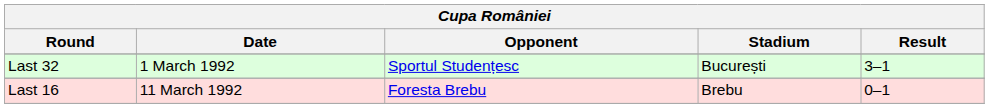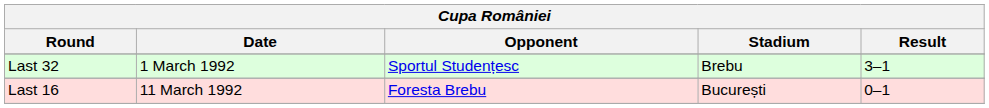 <table class="wikitable" style="width:80%;">
 <tr>
 <th colspan="5" style="text-align:center;"><em>Cupa României</em></th>
 </tr>
 <tr>
 <th>Round</th>
 <th>Date</th>
 <th>Opponent</th>
 <th>Stadium</th>
 <th>Result</th>
 </tr>
 <tr>
 </tr>
 <tr bgcolor="#ddffdd">
 <td>Last 32</td>
 <td>1 March 1992</td>
 <td><a href='#'>Sportul Studențesc</a></td>
-<td>București</td>
+<td>Brebu</td>
 <td>3–1</td>
 </tr>
 <tr>
 </tr>
 <tr bgcolor="#ffdddd">
 <td>Last 16</td>
 <td>11 March 1992</td>
 <td><a href='#'>Foresta Brebu</a></td>
-<td>Brebu</td>
+<td>București</td>
 <td>0–1</td>
 </tr>
 <tr>
 </tr>
 </table>
